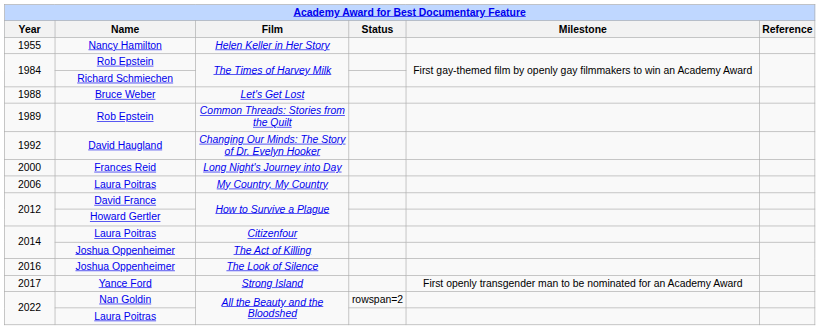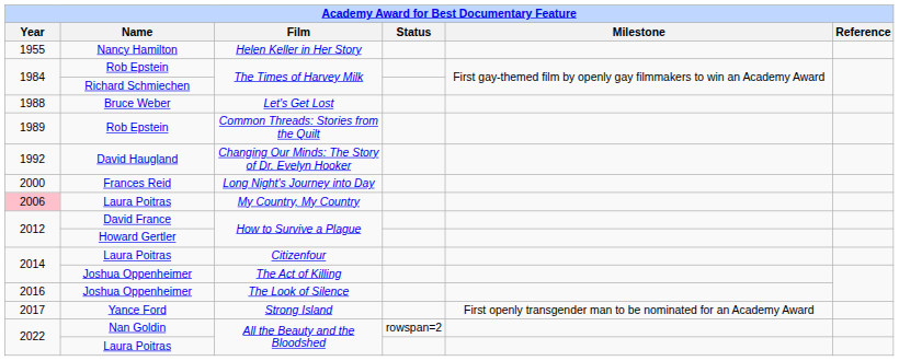 <table class="wikitable" style="text-align: center">
 <tr style="background:#bfd7ff;">
 <td colspan="6" style="text-align:center;"><strong><a href='#'>Academy Award for Best Documentary Feature</a></strong></td>
 </tr>
 <tr style="background:#ebf5ff;">
 <th style="width:075px;">Year</th>
 <th style="width:225px;">Name</th>
 <th style="width:250px;">Film</th>
 <th style="width:080px;">Status</th>
 <th style="width:600px;">Milestone</th>
 <th width="50">Reference</th>
 </tr>
 <tr>
 <td>1955</td>
 <td><a href='#'>Nancy Hamilton</a></td>
 <td><em><a href='#'>Helen Keller in Her Story</a></em></td>
 <td></td>
 <td></td>
 <td></td>
 </tr>
 <tr>
 <td rowspan=2>1984</td>
 <td><a href='#'>Rob Epstein</a></td>
 <td rowspan=2><em><a href='#'>The Times of Harvey Milk</a></em></td>
 <td></td>
 <td rowspan=2>First gay-themed film by openly gay filmmakers to win an Academy Award</td>
 <td rowspan=2></td>
 </tr>
 <tr>
 <td><a href='#'>Richard Schmiechen</a></td>
 <td></td>
 </tr>
 <tr>
 <td>1988</td>
 <td><a href='#'>Bruce Weber</a></td>
 <td><em><a href='#'>Let's Get Lost</a></em></td>
 <td></td>
 <td></td>
 <td></td>
 </tr>
 <tr>
 <td>1989</td>
 <td><a href='#'>Rob Epstein</a></td>
 <td><em><a href='#'>Common Threads: Stories from the Quilt</a></em></td>
 <td></td>
 <td></td>
 <td></td>
 </tr>
 <tr>
 <td>1992</td>
 <td><a href='#'>David Haugland</a></td>
 <td><em><a href='#'>Changing Our Minds: The Story of Dr. Evelyn Hooker</a></em></td>
 <td></td>
 <td></td>
 <td></td>
 </tr>
 <tr>
 <td>2000</td>
 <td><a href='#'>Frances Reid</a></td>
 <td><em><a href='#'>Long Night's Journey into Day</a></em></td>
 <td></td>
 <td></td>
 <td></td>
 </tr>
 <tr>
-<td>2006</td>
+<td style="background: pink;">2006</td>
 <td><a href='#'>Laura Poitras</a></td>
 <td><em><a href='#'>My Country, My Country</a></em></td>
 <td></td>
 <td></td>
 <td></td>
 </tr>
 <tr>
 <td rowspan=2>2012</td>
 <td><a href='#'>David France</a></td>
 <td rowspan=2><em><a href='#'>How to Survive a Plague</a></em></td>
 <td></td>
 <td></td>
 <td></td>
 </tr>
 <tr>
 <td><a href='#'>Howard Gertler</a></td>
 <td></td>
 <td></td>
 <td></td>
 </tr>
 <tr>
 <td rowspan=2>2014</td>
 <td><a href='#'>Laura Poitras</a></td>
 <td><em><a href='#'>Citizenfour</a></em></td>
 <td></td>
 <td></td>
 <td></td>
 </tr>
 <tr>
 <td><a href='#'>Joshua Oppenheimer</a></td>
 <td><em><a href='#'>The Act of Killing</a></em></td>
 <td></td>
 <td></td>
 <td rowspan="2"></td>
 </tr>
 <tr>
 <td>2016</td>
 <td><a href='#'>Joshua Oppenheimer</a></td>
 <td><em><a href='#'>The Look of Silence </a></em></td>
 <td></td>
 <td></td>
 </tr>
 <tr>
 <td>2017</td>
 <td><a href='#'>Yance Ford</a></td>
 <td><em><a href='#'>Strong Island</a></em></td>
 <td></td>
 <td>First openly transgender man to be nominated for an Academy Award</td>
 <td></td>
 </tr>
 <tr>
 <td rowspan=2>2022</td>
 <td><a href='#'>Nan Goldin</a></td>
 <td rowspan=2><em><a href='#'>All the Beauty and the Bloodshed</a></em></td>
 <td>rowspan=2 </td>
 <td></td>
 <td></td>
 </tr>
 <tr>
 <td><a href='#'>Laura Poitras</a></td>
 <td></td>
 <td></td>
 </tr>
 </table>
